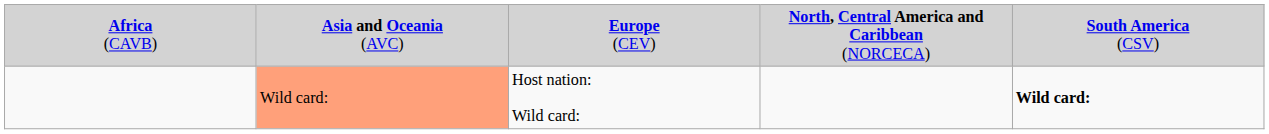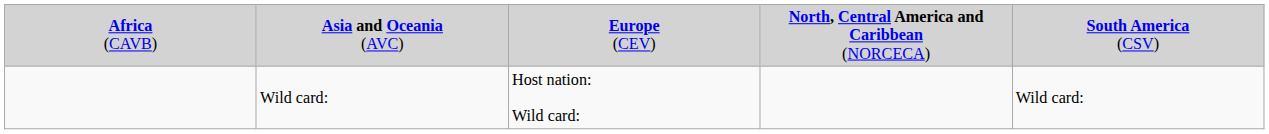 <table class="wikitable">
 <tr style="background:Lightgrey;">
 <td style="width:20%; text-align:center;"><strong><a href='#'>Africa</a></strong><br> (<a href='#'>CAVB</a>)</td>
 <td style="width:20%; text-align:center;"><strong><a href='#'>Asia</a> and <a href='#'>Oceania</a></strong><br> (<a href='#'>AVC</a>)</td>
 <td style="width:20%; text-align:center;"><strong><a href='#'>Europe</a></strong><br> (<a href='#'>CEV</a>)</td>
 <td style="width:20%; text-align:center;"><strong><a href='#'>North</a>, <a href='#'>Central</a> America and <a href='#'>Caribbean</a></strong><br> (<a href='#'>NORCECA</a>)</td>
 <td style="width:20%; text-align:center;"><strong><a href='#'>South America</a><br> </strong>(<a href='#'>CSV</a>)</td>
 </tr>
 <tr>
 <td></td>
-<td style="background: lightsalmon;">Wild card:<br> </td>
+<td>Wild card:<br> </td>
 <td>Host nation:<br> <br> Wild card:<br> </td>
 <td></td>
-<td><strong>Wild card:<br> </strong></td>
+<td>Wild card:<br> </td>
 </tr>
 </table>
